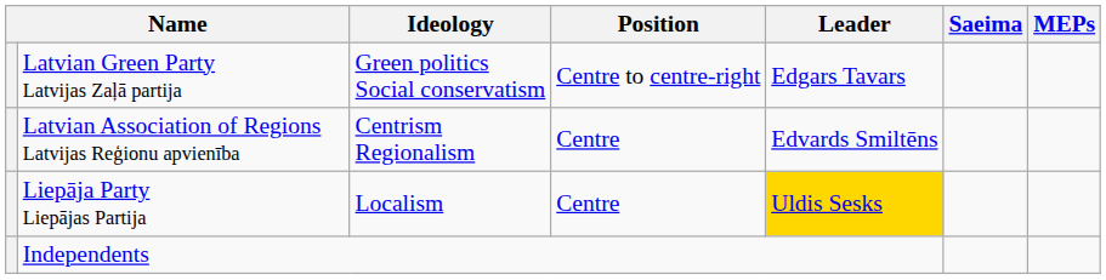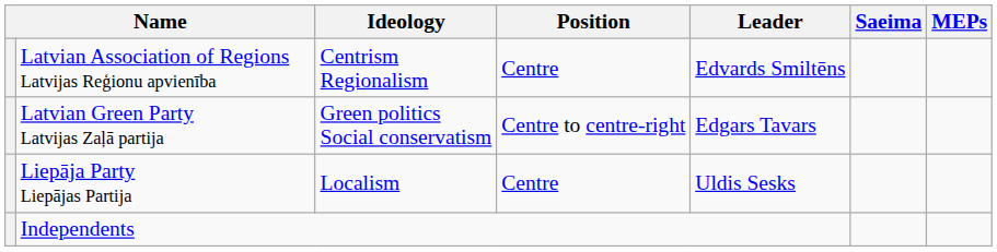 <table class="wikitable">
 <tr>
 <th colspan=2 width=225px>Name</th>
 <th>Ideology</th>
 <th>Position</th>
 <th>Leader</th>
 <th><a href='#'>Saeima</a></th>
 <th><a href='#'>MEPs</a></th>
+</tr>
+<tr>
+<th style="background:"></th>
+<td><a href='#'>Latvian Association of Regions</a><br><small>Latvijas Reģionu apvienība</small></td>
+<td><a href='#'>Centrism</a><br><a href='#'>Regionalism</a></td>
+<td><a href='#'>Centre</a></td>
+<td><a href='#'>Edvards Smiltēns</a></td>
+<td></td>
+<td></td>
 </tr>
 <tr>
 <th style="background:"></th>
 <td><a href='#'>Latvian Green Party</a><br><small>Latvijas Zaļā partija</small></td>
 <td><a href='#'>Green politics</a><br><a href='#'>Social conservatism</a></td>
 <td><a href='#'>Centre</a> to <a href='#'>centre-right</a></td>
 <td><a href='#'>Edgars Tavars</a></td>
 <td></td>
 <td></td>
 </tr>
 <tr>
 <th style="background:"></th>
-<td><a href='#'>Latvian Association of Regions</a><br><small>Latvijas Reģionu apvienība</small></td>
-<td><a href='#'>Centrism</a><br><a href='#'>Regionalism</a></td>
-<td><a href='#'>Centre</a></td>
-<td><a href='#'>Edvards Smiltēns</a></td>
-<td></td>
-<td></td>
-</tr>
-<tr>
-<th style="background:"></th>
 <td><a href='#'>Liepāja Party</a><br><small>Liepājas Partija</small></td>
 <td><a href='#'>Localism</a></td>
 <td><a href='#'>Centre</a></td>
-<td style="background: gold;"><a href='#'>Uldis Sesks</a></td>
+<td><a href='#'>Uldis Sesks</a></td>
 <td></td>
 <td></td>
 </tr>
 <tr>
 <th style="background:"></th>
 <td colspan=4 width=225px><a href='#'>Independents</a></td>
 <td></td>
 <td></td>
 </tr>
 </table>
